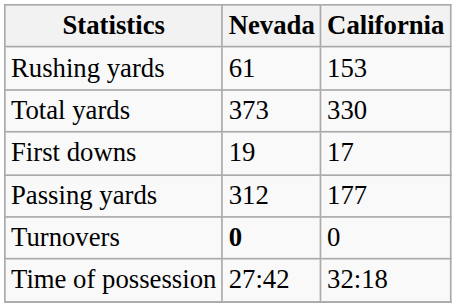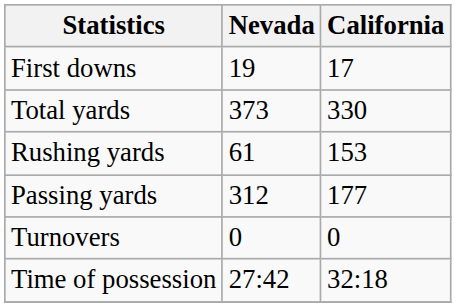 <table class="wikitable">
 <tr>
 <th>Statistics</th>
 <th>Nevada</th>
 <th>California</th>
 </tr>
 <tr>
-<td>Rushing yards</td>
-<td>61</td>
-<td>153</td>
+<td>First downs</td>
+<td>19</td>
+<td>17</td>
 </tr>
 <tr>
 <td>Total yards</td>
 <td>373</td>
 <td>330</td>
 </tr>
 <tr>
-<td>First downs</td>
-<td>19</td>
-<td>17</td>
+<td>Rushing yards</td>
+<td>61</td>
+<td>153</td>
 </tr>
 <tr>
 <td>Passing yards</td>
 <td>312</td>
 <td>177</td>
 </tr>
 <tr>
 <td>Turnovers</td>
-<td><strong>0</strong></td>
+<td>0</td>
 <td>0</td>
 </tr>
 <tr>
 <td>Time of possession</td>
 <td>27:42</td>
 <td>32:18</td>
 </tr>
 <tr>
 </tr>
 </table>
